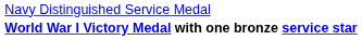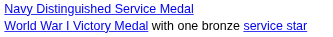 <table>
 <tr>
 <td> <a href='#'>Navy Distinguished Service Medal</a></td>
 </tr>
 <tr>
-<td><strong> <a href='#'>World War I Victory Medal</a> with one bronze <a href='#'>service star</a></strong></td>
+<td> <a href='#'>World War I Victory Medal</a> with one bronze <a href='#'>service star</a></td>
 </tr>
 </table>
